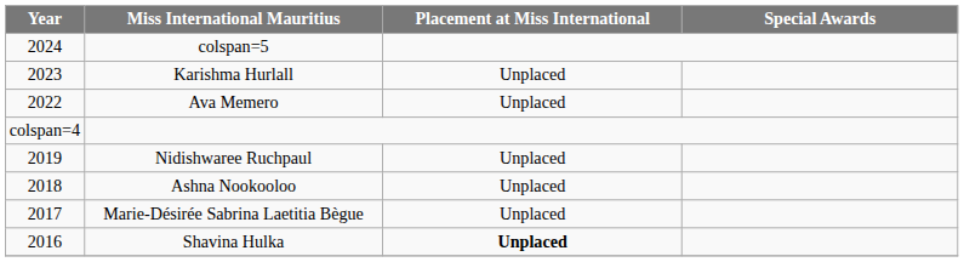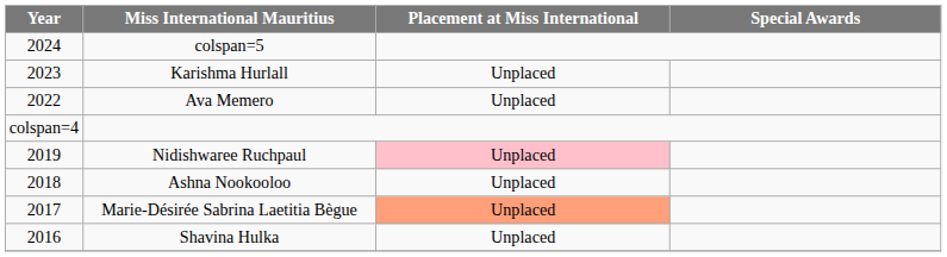 <table class="wikitable" style="font-size: 92%; text-align:center">
 <tr>
 <th width="60" style="background-color:#787878;color:#FFFFFF;">Year</th>
 <th width="250" style="background-color:#787878;color:#FFFFFF;">Miss International Mauritius</th>
 <th width="250" style="background-color:#787878;color:#FFFFFF;">Placement at Miss International</th>
 <th width="230" style="background-color:#787878;color:#FFFFFF;">Special Awards</th>
 </tr>
 <tr>
 <td>2024</td>
 <td>colspan=5 </td>
 </tr>
 <tr>
 <td>2023</td>
 <td>Karishma Hurlall</td>
 <td>Unplaced</td>
 <td></td>
 </tr>
 <tr>
 <td>2022</td>
 <td>Ava Memero</td>
 <td>Unplaced</td>
 <td></td>
 </tr>
 <tr>
 <td>colspan=4 </td>
 </tr>
 <tr>
 <td>2019</td>
 <td>Nidishwaree Ruchpaul</td>
-<td>Unplaced</td>
+<td style="background: pink;">Unplaced</td>
 <td></td>
 </tr>
 <tr>
 <td>2018</td>
 <td>Ashna Nookooloo</td>
 <td>Unplaced</td>
 <td></td>
 </tr>
 <tr>
 <td>2017</td>
 <td>Marie-Désirée Sabrina Laetitia Bègue</td>
-<td>Unplaced</td>
+<td style="background: lightsalmon;">Unplaced</td>
 <td></td>
 </tr>
 <tr>
 <td>2016</td>
 <td>Shavina Hulka</td>
-<td><strong>Unplaced</strong></td>
+<td>Unplaced</td>
 <td></td>
 </tr>
 <tr>
 </tr>
 </table>
